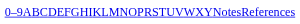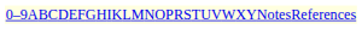 <table id="toc" class="toc" summary="Class" align="center" style="text-align:center;">
 <tr>
 <th></th>
 </tr>
 <tr>
-<td style="text-align:center;"><a href='#'>0–9</a><a href='#'>A</a><a href='#'>B</a><a href='#'>C</a><a href='#'>D</a><a href='#'>E</a><a href='#'>F</a><a href='#'>G</a><a href='#'>H</a><a href='#'>I</a><a href='#'>K</a><a href='#'>L</a><a href='#'>M</a><a href='#'>N</a><a href='#'>O</a><a href='#'>P</a><a href='#'>R</a><a href='#'>S</a><a href='#'>T</a><a href='#'>U</a><a href='#'>V</a><a href='#'>W</a><a href='#'>X</a><a href='#'>Y</a><a href='#'>Notes</a><a href='#'>References</a></td>
+<td style="background: lightyellow; text-align:center;"><a href='#'>0–9</a><a href='#'>A</a><a href='#'>B</a><a href='#'>C</a><a href='#'>D</a><a href='#'>E</a><a href='#'>F</a><a href='#'>G</a><a href='#'>H</a><a href='#'>I</a><a href='#'>K</a><a href='#'>L</a><a href='#'>M</a><a href='#'>N</a><a href='#'>O</a><a href='#'>P</a><a href='#'>R</a><a href='#'>S</a><a href='#'>T</a><a href='#'>U</a><a href='#'>V</a><a href='#'>W</a><a href='#'>X</a><a href='#'>Y</a><a href='#'>Notes</a><a href='#'>References</a></td>
 </tr>
 </table>
